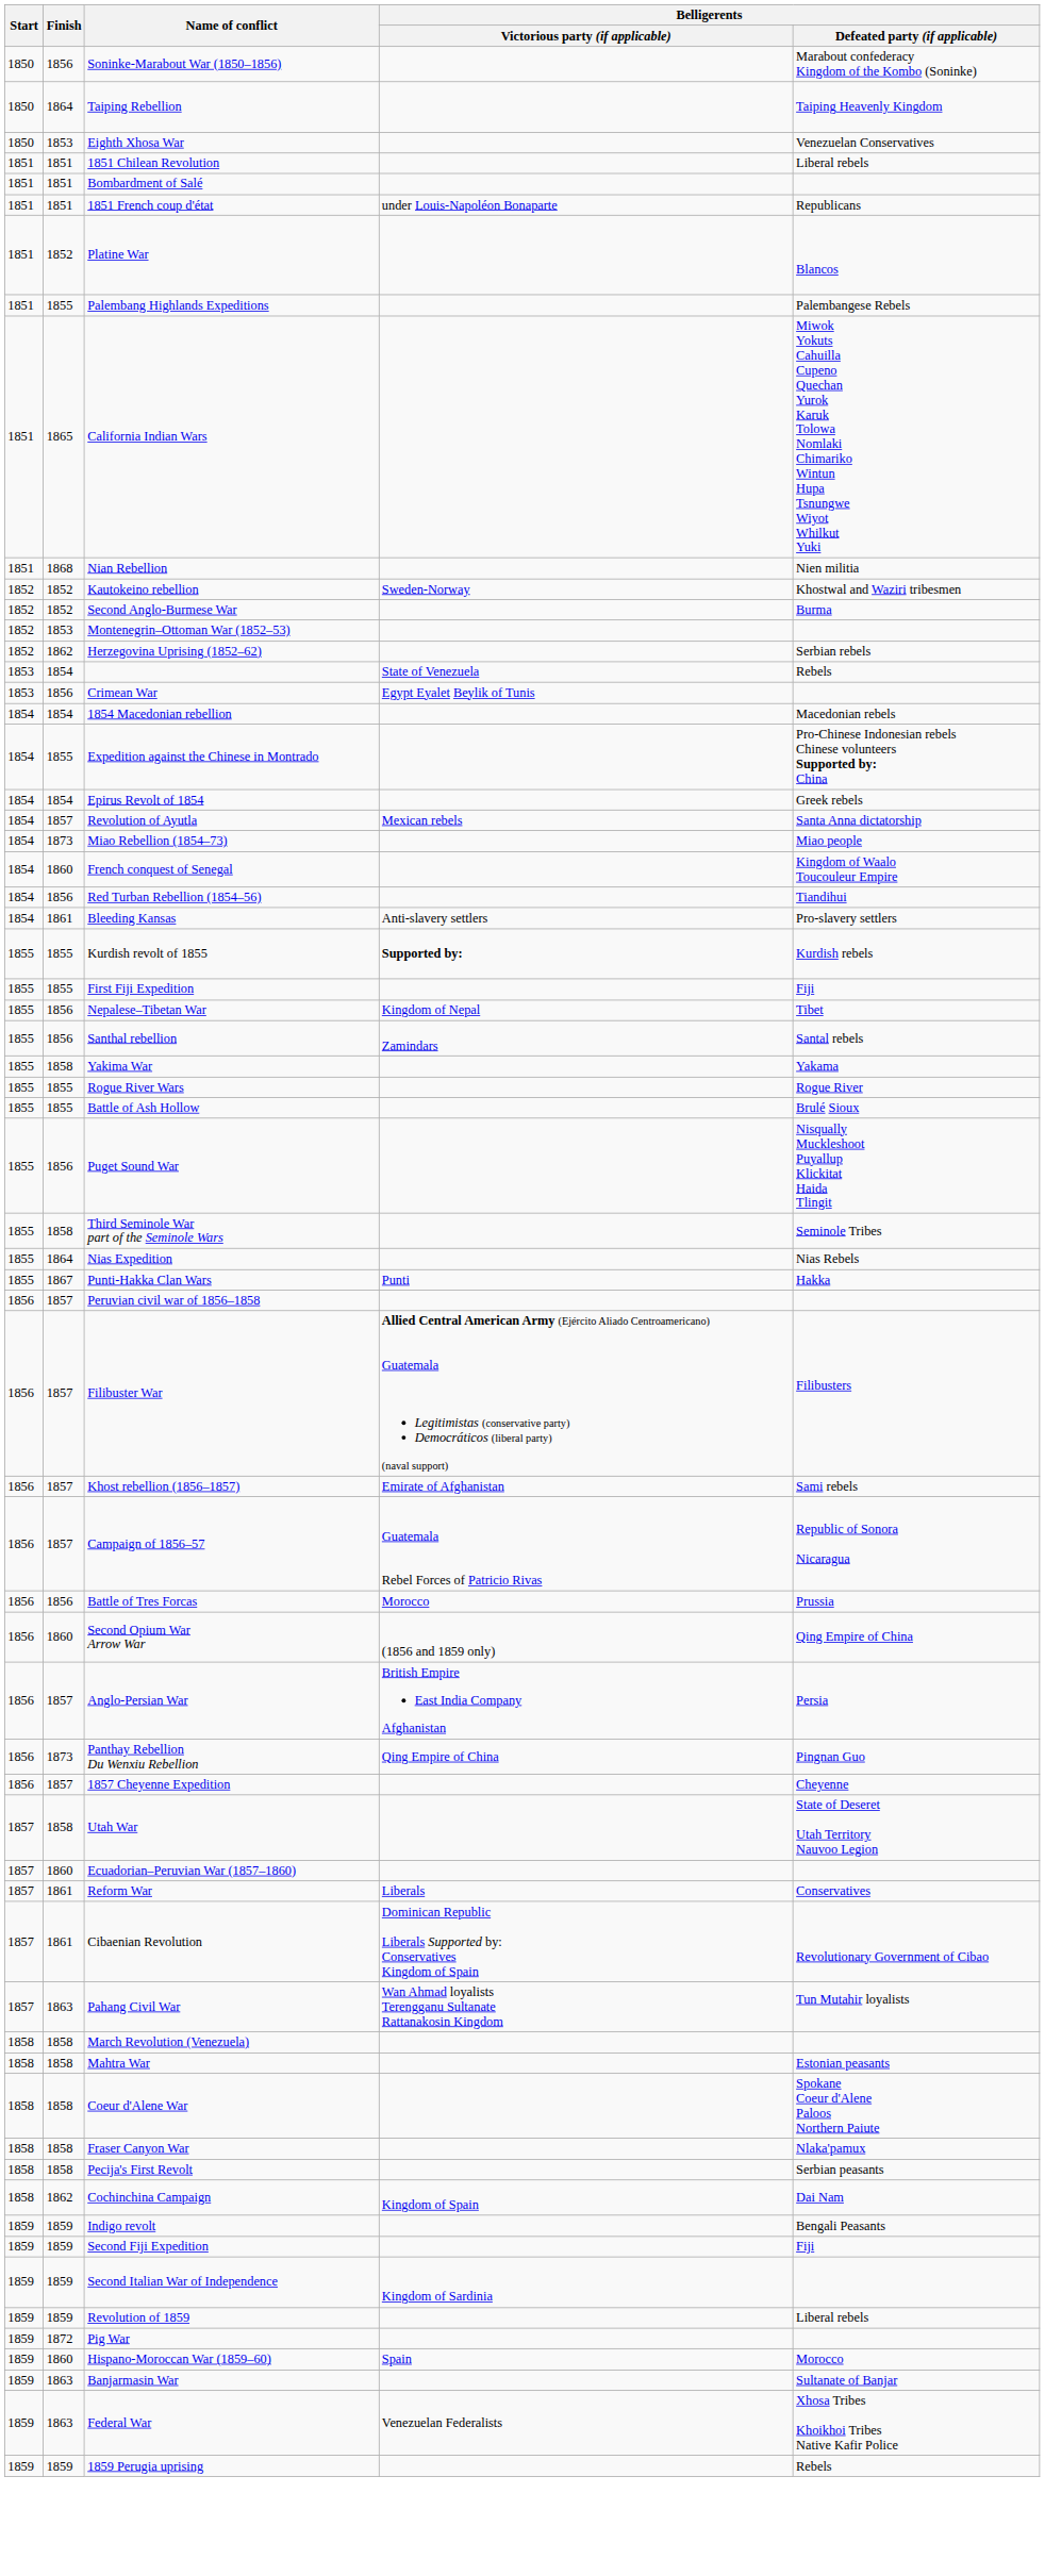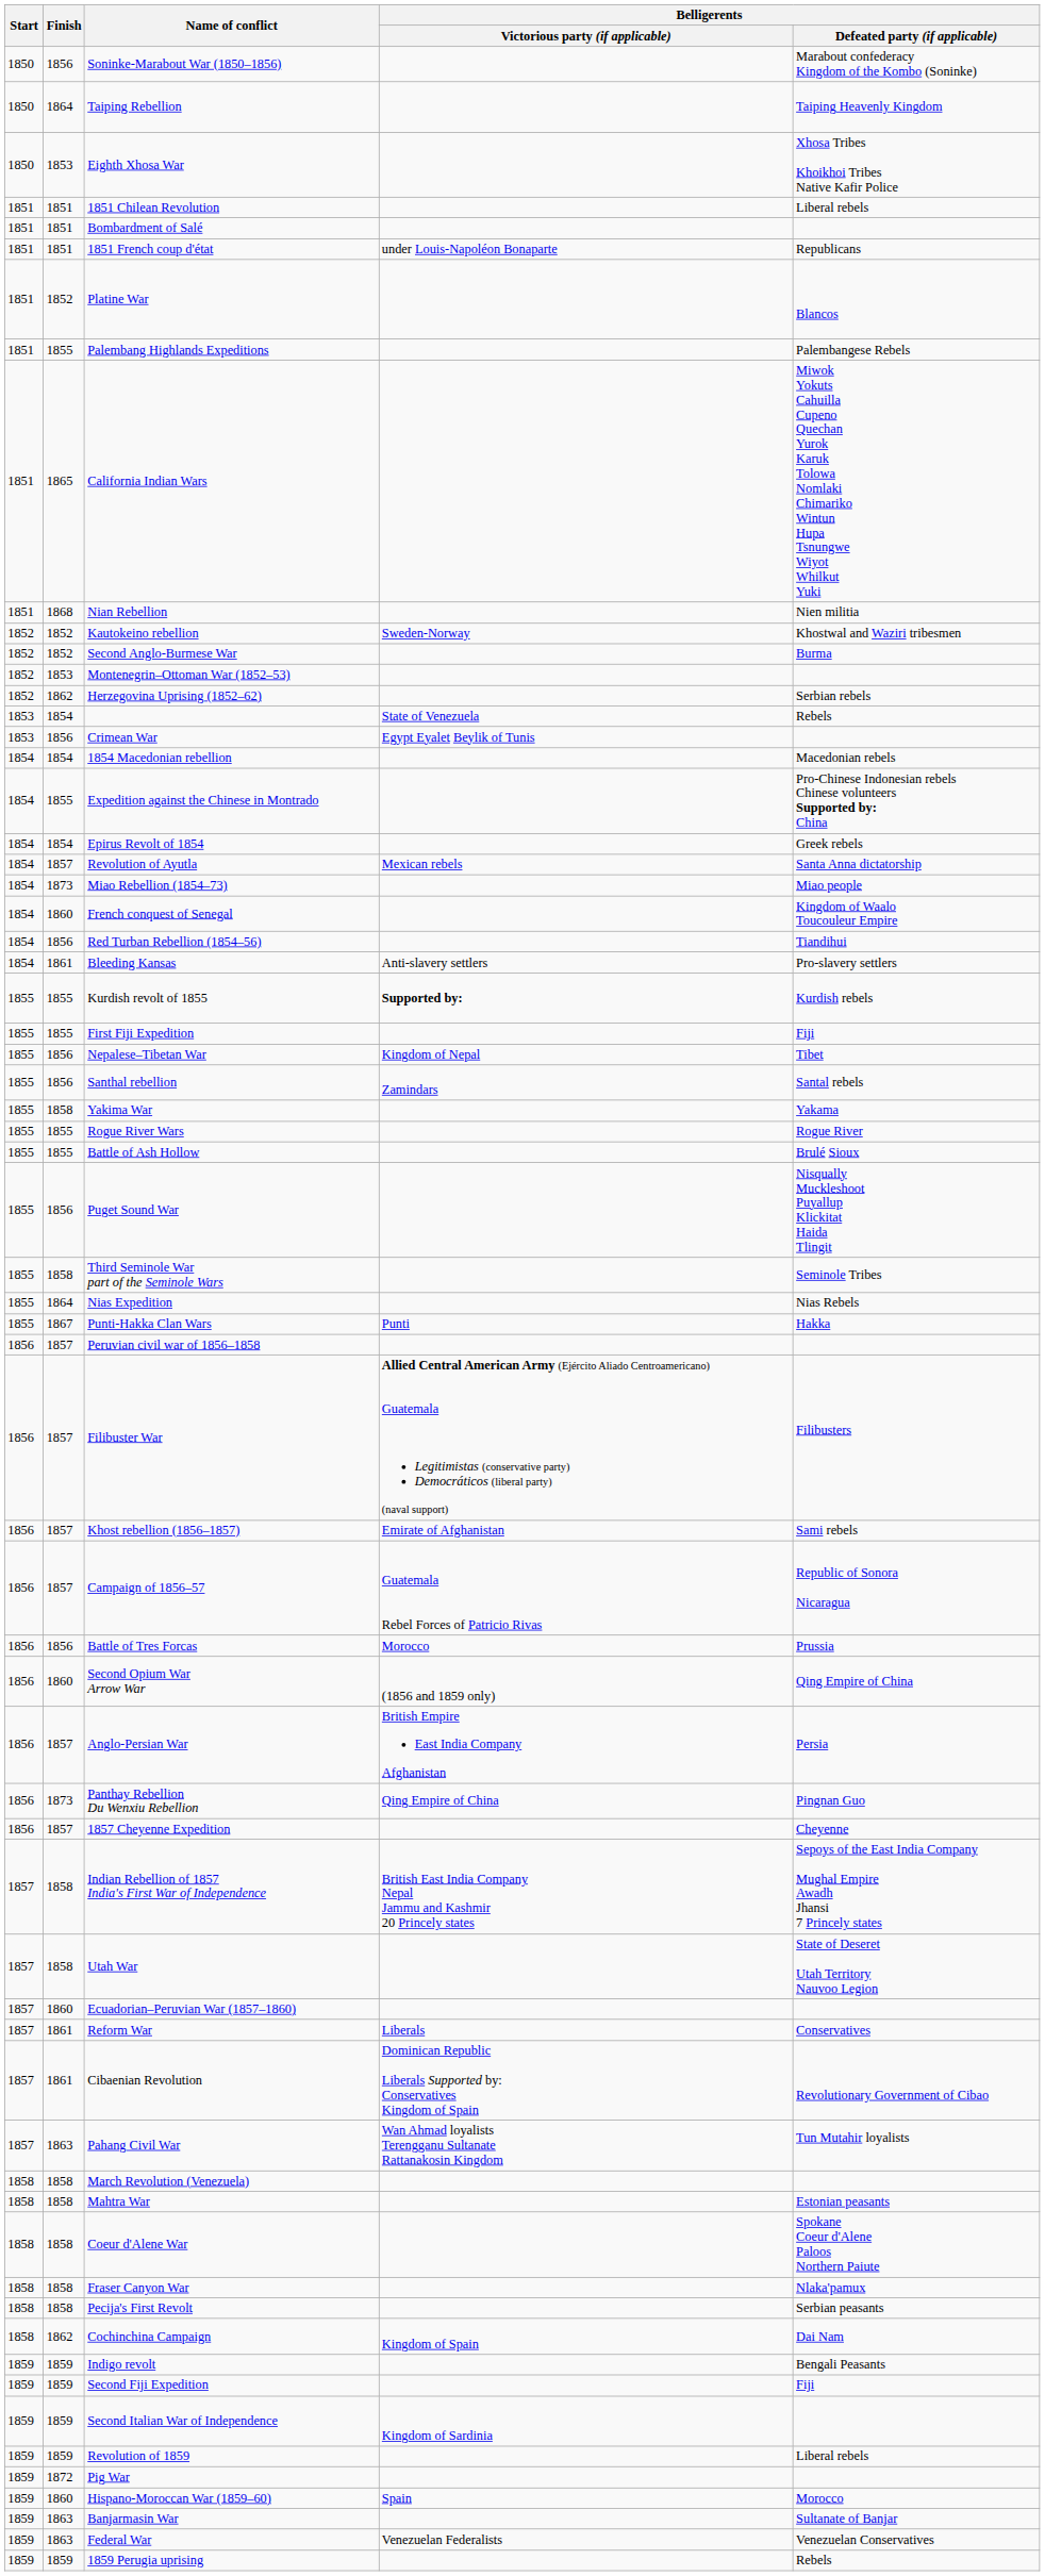 <table class="wikitable sortable" width="100%">
 <tr>
 <th rowspan="2" width="40">Start</th>
 <th rowspan="2" width="40">Finish</th>
 <th rowspan="2" class="unsortable">Name of conflict</th>
 <th colspan="2" class="unsortable">Belligerents</th>
 </tr>
 <tr>
 <th>Victorious party <em>(if applicable)</em></th>
 <th>Defeated party <em>(if applicable)</em></th>
 </tr>
 <tr>
 <td>1850</td>
 <td>1856</td>
 <td><a href='#'>Soninke-Marabout War (1850–1856)</a></td>
 <td> <br> </td>
 <td>Marabout confederacy <br> <a href='#'>Kingdom of the Kombo</a> (Soninke)</td>
 </tr>
 <tr>
 <td>1850</td>
 <td>1864</td>
 <td><a href='#'>Taiping Rebellion</a></td>
 <td><br><br><br> </td>
 <td><a href='#'>Taiping Heavenly Kingdom</a></td>
 </tr>
 <tr>
 <td>1850</td>
 <td>1853</td>
 <td><a href='#'>Eighth Xhosa War</a></td>
 <td></td>
-<td> Venezuelan Conservatives</td>
+<td><a href='#'>Xhosa</a> Tribes<br><br><a href='#'>Khoikhoi</a> Tribes<br>  Native Kafir Police</td>
 </tr>
 <tr>
 <td>1851</td>
 <td>1851</td>
 <td><a href='#'>1851 Chilean Revolution</a></td>
 <td></td>
 <td>Liberal rebels</td>
 </tr>
 <tr>
 <td>1851</td>
 <td>1851</td>
 <td><a href='#'>Bombardment of Salé</a></td>
 <td></td>
 <td></td>
 </tr>
 <tr>
 <td>1851</td>
 <td>1851</td>
 <td><a href='#'>1851 French coup d'état</a></td>
 <td> under <a href='#'>Louis-Napoléon Bonaparte</a></td>
 <td>Republicans</td>
 </tr>
 <tr>
 <td>1851</td>
 <td>1852</td>
 <td><a href='#'>Platine War</a></td>
 <td><br><br> <br> <br><br></td>
 <td> <br><br> <a href='#'>Blancos</a></td>
 </tr>
 <tr>
 <td>1851</td>
 <td>1855</td>
 <td><a href='#'>Palembang Highlands Expeditions</a></td>
 <td></td>
 <td>Palembangese Rebels</td>
 </tr>
 <tr>
 <td>1851</td>
 <td>1865</td>
 <td><a href='#'>California Indian Wars</a></td>
 <td></td>
 <td><a href='#'>Miwok</a><br><a href='#'>Yokuts</a><br><a href='#'>Cahuilla</a><br><a href='#'>Cupeno</a><br><a href='#'>Quechan</a><br><a href='#'>Yurok</a><br><a href='#'>Karuk</a><br><a href='#'>Tolowa</a><br><a href='#'>Nomlaki</a><br><a href='#'>Chimariko</a><br><a href='#'>Wintun</a><br><a href='#'>Hupa</a><br><a href='#'>Tsnungwe</a><br><a href='#'>Wiyot</a><br><a href='#'>Whilkut</a><br><a href='#'>Yuki</a></td>
 </tr>
 <tr>
 <td>1851</td>
 <td>1868</td>
 <td><a href='#'>Nian Rebellion</a></td>
 <td></td>
 <td>Nien militia</td>
 </tr>
 <tr>
 <td>1852</td>
 <td>1852</td>
 <td><a href='#'>Kautokeino rebellion</a></td>
 <td> <a href='#'>Sweden-Norway</a></td>
 <td>Khostwal and <a href='#'>Waziri</a> tribesmen</td>
 </tr>
 <tr>
 <td>1852</td>
 <td>1852</td>
 <td><a href='#'>Second Anglo-Burmese War</a></td>
 <td></td>
 <td><a href='#'>Burma</a></td>
 </tr>
 <tr>
 <td>1852</td>
 <td>1853</td>
 <td><a href='#'>Montenegrin–Ottoman War (1852–53)</a></td>
 <td></td>
 <td></td>
 </tr>
 <tr>
 <td>1852</td>
 <td>1862</td>
 <td><a href='#'>Herzegovina Uprising (1852–62)</a></td>
 <td></td>
 <td>Serbian rebels</td>
 </tr>
 <tr>
 <td>1853</td>
 <td>1854</td>
 <td></td>
 <td><a href='#'>State of Venezuela</a></td>
 <td>Rebels</td>
 </tr>
 <tr>
 <td>1853</td>
 <td>1856</td>
 <td><a href='#'>Crimean War</a></td>
 <td>  <a href='#'>Egypt Eyalet</a> <a href='#'>Beylik of Tunis</a></td>
 <td></td>
 </tr>
 <tr>
 <td>1854</td>
 <td>1854</td>
 <td><a href='#'>1854 Macedonian rebellion</a></td>
 <td></td>
 <td>Macedonian rebels</td>
 </tr>
 <tr>
 <td>1854</td>
 <td>1855</td>
 <td><a href='#'>Expedition against the Chinese in Montrado</a></td>
 <td></td>
 <td>Pro-Chinese Indonesian rebels<br>Chinese volunteers<br><strong>Supported by:</strong><br> <a href='#'>China</a></td>
 </tr>
 <tr>
 <td>1854</td>
 <td>1854</td>
 <td><a href='#'>Epirus Revolt of 1854</a></td>
 <td></td>
 <td>Greek rebels</td>
 </tr>
 <tr>
 <td>1854</td>
 <td>1857</td>
 <td><a href='#'>Revolution of Ayutla</a></td>
 <td> <a href='#'>Mexican rebels</a></td>
 <td> <a href='#'>Santa Anna dictatorship</a></td>
 </tr>
 <tr>
 <td>1854</td>
 <td>1873</td>
 <td><a href='#'>Miao Rebellion (1854–73)</a></td>
 <td></td>
 <td><a href='#'>Miao people</a></td>
 </tr>
 <tr>
 <td>1854</td>
 <td>1860</td>
 <td><a href='#'>French conquest of Senegal</a></td>
 <td></td>
 <td><a href='#'>Kingdom of Waalo</a><br><a href='#'>Toucouleur Empire</a></td>
 </tr>
 <tr>
 <td>1854</td>
 <td>1856</td>
 <td><a href='#'>Red Turban Rebellion (1854–56)</a></td>
 <td></td>
 <td><a href='#'>Tiandihui</a></td>
 </tr>
 <tr>
 <td>1854</td>
 <td>1861</td>
 <td><a href='#'>Bleeding Kansas</a></td>
 <td>Anti-slavery settlers</td>
 <td>Pro-slavery settlers</td>
 </tr>
 <tr>
 <td>1855</td>
 <td>1855</td>
 <td>Kurdish revolt of 1855</td>
 <td><br><strong>Supported by:</strong><br><br></td>
 <td><a href='#'>Kurdish</a> rebels</td>
 </tr>
 <tr>
 <td>1855</td>
 <td>1855</td>
 <td><a href='#'>First Fiji Expedition</a></td>
 <td></td>
 <td><a href='#'>Fiji</a></td>
 </tr>
 <tr>
 <td>1855</td>
 <td>1856</td>
 <td><a href='#'>Nepalese–Tibetan War</a></td>
 <td><a href='#'>Kingdom of Nepal</a></td>
 <td><a href='#'>Tibet</a></td>
 </tr>
 <tr>
 <td>1855</td>
 <td>1856</td>
 <td><a href='#'>Santhal rebellion</a></td>
 <td> <br> <a href='#'>Zamindars</a></td>
 <td><a href='#'>Santal</a> rebels</td>
 </tr>
 <tr>
 <td>1855</td>
 <td>1858</td>
 <td><a href='#'>Yakima War</a></td>
 <td></td>
 <td><a href='#'>Yakama</a></td>
 </tr>
 <tr>
 <td>1855</td>
 <td>1855</td>
 <td><a href='#'>Rogue River Wars</a></td>
 <td></td>
 <td><a href='#'>Rogue River</a></td>
 </tr>
 <tr>
 <td>1855</td>
 <td>1855</td>
 <td><a href='#'>Battle of Ash Hollow</a></td>
 <td></td>
 <td><a href='#'>Brulé</a> <a href='#'>Sioux</a></td>
 </tr>
 <tr>
 <td>1855</td>
 <td>1856</td>
 <td><a href='#'>Puget Sound War</a></td>
 <td></td>
 <td><a href='#'>Nisqually</a><br><a href='#'>Muckleshoot</a><br><a href='#'>Puyallup</a><br><a href='#'>Klickitat</a><br><a href='#'>Haida</a><br><a href='#'>Tlingit</a></td>
 </tr>
 <tr>
 <td>1855</td>
 <td>1858</td>
 <td><a href='#'>Third Seminole War</a><br> <em>part of the <a href='#'>Seminole Wars</a></em></td>
 <td></td>
 <td><a href='#'>Seminole</a> Tribes</td>
 </tr>
 <tr>
 <td>1855</td>
 <td>1864</td>
 <td><a href='#'>Nias Expedition</a></td>
 <td></td>
 <td>Nias Rebels</td>
 </tr>
 <tr>
 <td>1855</td>
 <td>1867</td>
 <td><a href='#'>Punti-Hakka Clan Wars</a></td>
 <td><a href='#'>Punti</a></td>
 <td><a href='#'>Hakka</a></td>
 </tr>
 <tr>
 <td>1856</td>
 <td>1857</td>
 <td><a href='#'>Peruvian civil war of 1856–1858</a></td>
 <td></td>
 <td></td>
 </tr>
 <tr>
 <td>1856</td>
 <td>1857</td>
 <td><a href='#'>Filibuster War</a></td>
 <td><strong>Allied Central American Army</strong> <small>(Ejército Aliado Centroamericano)</small><br><br> <br>  <a href='#'>Guatemala</a> <br> <br> <br><ul><li><em>Legitimistas</em> <small>(conservative party)</small></li><li><em>Democráticos</em> <small>(liberal party)</small></li></ul> <small>(naval support)</small></td>
 <td> <a href='#'>Filibusters</a><br><br></td>
 </tr>
 <tr>
 <td>1856</td>
 <td>1857</td>
 <td><a href='#'>Khost rebellion (1856–1857)</a></td>
 <td><a href='#'>Emirate of Afghanistan</a></td>
 <td> <a href='#'>Sami</a> rebels</td>
 </tr>
 <tr>
 <td>1856</td>
 <td>1857</td>
 <td><a href='#'>Campaign of 1856–57</a></td>
 <td><br><br> <a href='#'>Guatemala</a><br> <br> <br>  Rebel Forces of <a href='#'>Patricio Rivas</a><br></td>
 <td> <a href='#'>Republic of Sonora</a><br><br> <a href='#'>Nicaragua</a></td>
 </tr>
 <tr>
 <td>1856</td>
 <td>1856</td>
 <td><a href='#'>Battle of Tres Forcas</a></td>
 <td> <a href='#'>Morocco</a></td>
 <td> <a href='#'>Prussia</a></td>
 </tr>
 <tr>
 <td>1856</td>
 <td>1860</td>
 <td><a href='#'>Second Opium War</a><br><em>Arrow War</em></td>
 <td><br><br>  (1856 and 1859 only)</td>
 <td> <a href='#'>Qing Empire of China</a></td>
 </tr>
 <tr>
 <td>1856</td>
 <td>1857</td>
 <td><a href='#'>Anglo-Persian War</a></td>
 <td> <a href='#'>British Empire</a><br><ul><li> <a href='#'>East India Company</a></li></ul> <a href='#'>Afghanistan</a></td>
 <td> <a href='#'>Persia</a></td>
 </tr>
 <tr>
 <td>1856</td>
 <td>1873</td>
 <td><a href='#'>Panthay Rebellion</a><br><em>Du Wenxiu Rebellion</em></td>
 <td> <a href='#'>Qing Empire of China</a></td>
 <td><a href='#'>Pingnan Guo</a></td>
 </tr>
 <tr>
 <td>1856</td>
 <td>1857</td>
 <td><a href='#'>1857 Cheyenne Expedition</a></td>
 <td></td>
 <td><a href='#'>Cheyenne</a></td>
 </tr>
 <tr>
 <td>1857</td>
 <td>1858</td>
+<td><a href='#'>Indian Rebellion of 1857</a><br><em><a href='#'>India's First War of Independence</a></em></td>
+<td><br><br> <a href='#'>British East India Company</a><br>  <a href='#'>Nepal</a><br> <a href='#'>Jammu and Kashmir</a><br> 20 <a href='#'>Princely states</a></td>
+<td> <a href='#'>Sepoys of the East India Company</a><br><br><a href='#'>Mughal Empire</a><br>  <a href='#'>Awadh</a><br> Jhansi<br> 7 <a href='#'>Princely states</a></td>
+</tr>
+<tr>
+<td>1857</td>
+<td>1858</td>
 <td><a href='#'>Utah War</a></td>
 <td></td>
 <td><a href='#'>State of Deseret</a><br><br><a href='#'>Utah Territory</a><br> <a href='#'>Nauvoo Legion</a></td>
 </tr>
 <tr>
 <td>1857</td>
 <td>1860</td>
 <td><a href='#'>Ecuadorian–Peruvian War (1857–1860)</a></td>
 <td></td>
 <td></td>
 </tr>
 <tr>
 <td>1857</td>
 <td>1861</td>
 <td><a href='#'>Reform War</a></td>
 <td> <a href='#'>Liberals</a> <br> </td>
 <td> <a href='#'>Conservatives</a></td>
 </tr>
 <tr>
 <td>1857</td>
 <td>1861</td>
 <td>Cibaenian Revolution</td>
 <td> <a href='#'>Dominican Republic</a><br><br><a href='#'>Liberals</a> <em>Supported</em> by:  <br> <a href='#'>Conservatives</a> <br>  <a href='#'>Kingdom of Spain</a> <br></td>
 <td><br><br><a href='#'>Revolutionary Government of Cibao</a></td>
 </tr>
 <tr>
 <td>1857</td>
 <td>1863</td>
 <td><a href='#'>Pahang Civil War</a></td>
 <td> <a href='#'>Wan Ahmad</a> loyalists<br> <a href='#'>Terengganu Sultanate</a><br> <a href='#'>Rattanakosin Kingdom</a></td>
 <td> <a href='#'>Tun Mutahir</a> loyalists<br><br></td>
 </tr>
 <tr>
 <td>1858</td>
 <td>1858</td>
 <td><a href='#'>March Revolution (Venezuela)</a></td>
 <td></td>
 <td></td>
 </tr>
 <tr>
 <td>1858</td>
 <td>1858</td>
 <td><a href='#'>Mahtra War</a></td>
 <td></td>
 <td><a href='#'>Estonian peasants</a></td>
 </tr>
 <tr>
 <td>1858</td>
 <td>1858</td>
 <td><a href='#'>Coeur d'Alene War</a></td>
 <td></td>
 <td><a href='#'>Spokane</a><br><a href='#'>Coeur d'Alene</a><br><a href='#'>Paloos</a><br><a href='#'>Northern Paiute</a></td>
 </tr>
 <tr>
 <td>1858</td>
 <td>1858</td>
 <td><a href='#'>Fraser Canyon War</a></td>
 <td><br></td>
 <td><a href='#'>Nlaka'pamux</a></td>
 </tr>
 <tr>
 <td>1858</td>
 <td>1858</td>
 <td><a href='#'>Pecija's First Revolt</a></td>
 <td></td>
 <td>Serbian peasants</td>
 </tr>
 <tr>
 <td>1858</td>
 <td>1862</td>
 <td><a href='#'>Cochinchina Campaign</a></td>
 <td><br> <a href='#'>Kingdom of Spain</a></td>
 <td><a href='#'>Dai Nam</a></td>
 </tr>
 <tr>
 <td>1859</td>
 <td>1859</td>
 <td><a href='#'>Indigo revolt</a></td>
 <td></td>
 <td>Bengali Peasants</td>
 </tr>
 <tr>
 <td>1859</td>
 <td>1859</td>
 <td><a href='#'>Second Fiji Expedition</a></td>
 <td></td>
 <td><a href='#'>Fiji</a></td>
 </tr>
 <tr>
 <td>1859</td>
 <td>1859</td>
 <td><a href='#'>Second Italian War of Independence</a></td>
 <td><br><br> <a href='#'>Kingdom of Sardinia</a></td>
 <td></td>
 </tr>
 <tr>
 <td>1859</td>
 <td>1859</td>
 <td><a href='#'>Revolution of 1859</a></td>
 <td></td>
 <td>Liberal rebels</td>
 </tr>
 <tr>
 <td>1859</td>
 <td>1872</td>
 <td><a href='#'>Pig War</a></td>
 <td></td>
 <td></td>
 </tr>
 <tr>
 <td>1859</td>
 <td>1860</td>
 <td><a href='#'>Hispano-Moroccan War (1859–60)</a></td>
 <td> <a href='#'>Spain</a></td>
 <td> <a href='#'>Morocco</a></td>
 </tr>
 <tr>
 <td>1859</td>
 <td>1863</td>
 <td><a href='#'>Banjarmasin War</a></td>
 <td></td>
 <td><a href='#'>Sultanate of Banjar</a></td>
 </tr>
 <tr>
 <td>1859</td>
 <td>1863</td>
 <td><a href='#'>Federal War</a></td>
 <td> Venezuelan Federalists</td>
-<td><a href='#'>Xhosa</a> Tribes<br><br><a href='#'>Khoikhoi</a> Tribes<br>  Native Kafir Police</td>
+<td> Venezuelan Conservatives</td>
 </tr>
 <tr>
 <td>1859</td>
 <td>1859</td>
 <td><a href='#'>1859 Perugia uprising</a></td>
 <td></td>
 <td>Rebels</td>
 </tr>
 </table>
